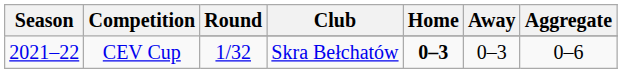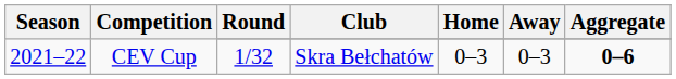 <table class="wikitable">
 <tr>
 <th>Season</th>
 <th>Competition</th>
 <th>Round</th>
 <th>Club</th>
 <th>Home</th>
 <th>Away</th>
 <th>Aggregate</th>
 </tr>
 <tr>
 <td rowspan = 2><a href='#'>2021–22</a></td>
 <td rowspan = 2 align=center><a href='#'>CEV Cup</a></td>
 </tr>
 <tr>
 <td align=center><a href='#'>1/32</a></td>
 <td> <a href='#'>Skra Bełchatów</a></td>
-<td align=center><strong>0–3</strong></td>
 <td align=center>0–3</td>
-<td align=center>0–6</td>
+<td align=center>0–3</td>
+<td align=center><strong>0–6</strong></td>
 </tr>
 </table>
